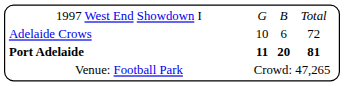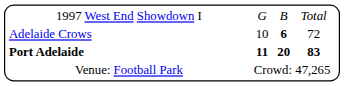 <table style="margin-right:4px; margin-left:4px; margin-top:8px; float:right; border:1px #000 solid; border-radius:8px; background:#fff; font-family:Verdana; font-size:8pt; text-align:center;">
 <tr>
 <td width="200">1997 <a href='#'>West End</a> <a href='#'>Showdown</a> I</td>
 <td><em>G</em></td>
 <td><em>B</em></td>
 <td><em>Total</em></td>
 </tr>
 <tr>
 <td style="text-align:left"><a href='#'>Adelaide Crows</a></td>
 <td>10</td>
-<td>6</td>
+<td><strong>6</strong></td>
 <td>72</td>
 </tr>
 <tr>
 <td style="text-align:left"><strong>Port Adelaide</strong></td>
 <td><strong>11</strong></td>
 <td><strong>20</strong></td>
-<td><strong>81</strong></td>
+<td><strong>83</strong></td>
 </tr>
 <tr>
 <td>Venue: <a href='#'>Football Park</a></td>
 <td colspan="3">Crowd: 47,265</td>
 <td colspan="3"></td>
 </tr>
 </table>
